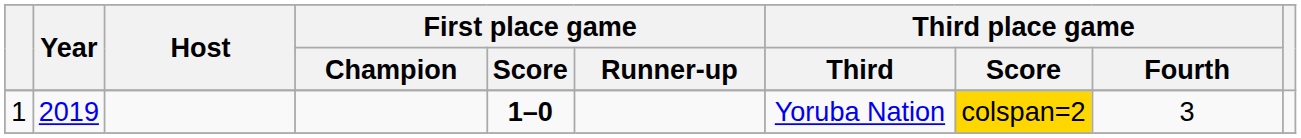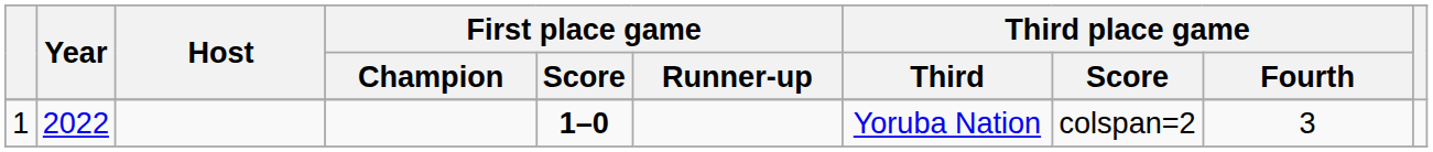 <table class="wikitable sortable" style="font-size:95%; text-align:center; width:;">
 <tr>
 <th rowspan=2 style= "width:;"></th>
 <th rowspan=2 style= "width:;">Year</th>
 <th rowspan=2 style= "width:100px;">Host</th>
 <th colspan=3>First place game</th>
 <th colspan=3>Third place game</th>
 <th rowspan=2 style= "width:;"></th>
 </tr>
 <tr>
 <th width= 100px> Champion</th>
 <th width=>Score</th>
 <th width= 100px> Runner-up</th>
 <th width= 100px> Third</th>
 <th width=>Score</th>
 <th width= 100px>Fourth</th>
 </tr>
 <tr>
 </tr>
 <tr>
 <td>1</td>
-<td><a href='#'>2019</a></td>
+<td><a href='#'>2022</a></td>
 <td align=left></td>
 <td><strong></strong></td>
 <td><strong>1–0</strong></td>
 <td></td>
 <td><a href='#'>Yoruba Nation</a></td>
-<td style="background: gold;">colspan=2 </td>
+<td>colspan=2 </td>
 <td>3</td>
 </tr>
 </table>
